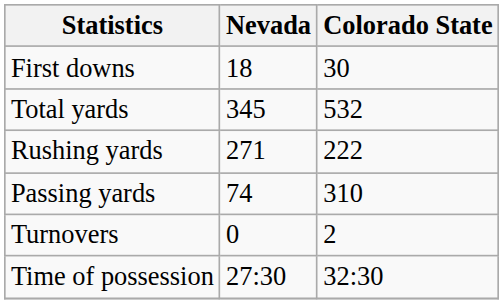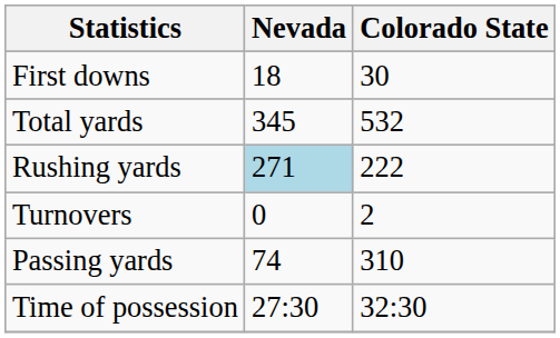 <table class="wikitable">
 <tr>
 <th>Statistics</th>
 <th>Nevada</th>
 <th>Colorado State</th>
 </tr>
 <tr>
 <td>First downs</td>
 <td>18</td>
 <td>30</td>
 </tr>
 <tr>
 <td>Total yards</td>
 <td>345</td>
 <td>532</td>
 </tr>
 <tr>
 <td>Rushing yards</td>
-<td>271</td>
+<td style="background: lightblue;">271</td>
 <td>222</td>
+</tr>
+<tr>
+<td>Turnovers</td>
+<td>0</td>
+<td>2</td>
 </tr>
 <tr>
 <td>Passing yards</td>
 <td>74</td>
 <td>310</td>
-</tr>
-<tr>
-<td>Turnovers</td>
-<td>0</td>
-<td>2</td>
 </tr>
 <tr>
 <td>Time of possession</td>
 <td>27:30</td>
 <td>32:30</td>
 </tr>
 <tr>
 </tr>
 </table>
